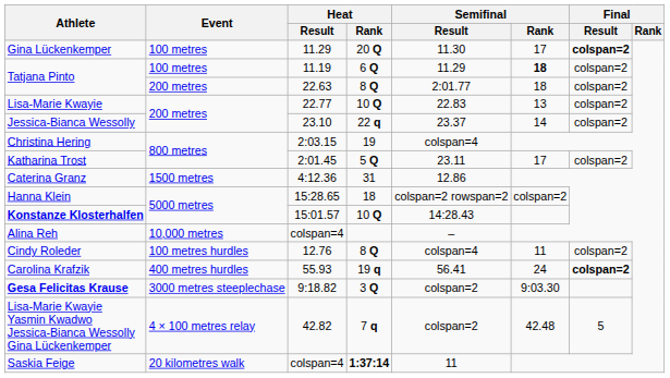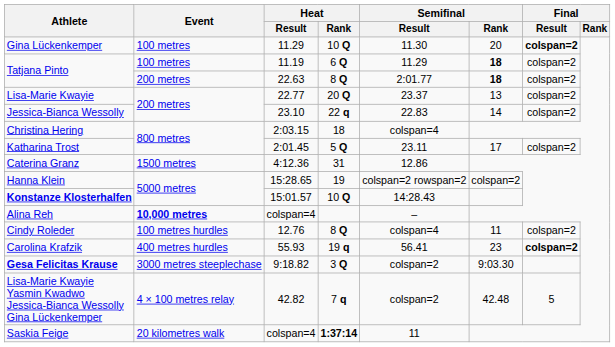 <table class=wikitable style=font-size:90%>
 <tr>
 <th rowspan=2>Athlete</th>
 <th rowspan=2>Event</th>
 <th colspan=2>Heat</th>
 <th colspan=2>Semifinal</th>
 <th colspan=2>Final</th>
 </tr>
 <tr style=font-size:95%>
 <th>Result</th>
 <th>Rank</th>
 <th>Result</th>
 <th>Rank</th>
 <th>Result</th>
 <th>Rank</th>
 </tr>
 <tr align=center>
 <td align=left><a href='#'>Gina Lückenkemper</a></td>
 <td align=left><a href='#'>100 metres</a></td>
 <td>11.29</td>
-<td>20 <strong>Q</strong></td>
+<td>10 <strong>Q</strong></td>
 <td>11.30</td>
-<td>17</td>
+<td>20</td>
 <td><strong>colspan=2 </strong></td>
 </tr>
 <tr align=center>
 <td align=left rowspan=2><a href='#'>Tatjana Pinto</a></td>
 <td align=left><a href='#'>100 metres</a></td>
 <td>11.19</td>
 <td>6 <strong>Q</strong></td>
 <td>11.29</td>
 <td><strong>18</strong></td>
 <td>colspan=2 </td>
 </tr>
 <tr align=center>
 <td align=left><a href='#'>200 metres</a></td>
 <td>22.63 </td>
 <td>8 <strong>Q</strong></td>
 <td>2:01.77</td>
-<td>18</td>
+<td><strong>18</strong></td>
 <td>colspan=2 </td>
 </tr>
 <tr align=center>
 <td align=left><a href='#'>Lisa-Marie Kwayie</a></td>
 <td align=left rowspan=2><a href='#'>200 metres</a></td>
 <td>22.77 </td>
-<td>10 <strong>Q</strong></td>
-<td>22.83</td>
+<td>20 <strong>Q</strong></td>
+<td>23.37</td>
 <td>13</td>
 <td>colspan=2 </td>
 </tr>
 <tr align=center>
 <td align=left><a href='#'>Jessica-Bianca Wessolly</a></td>
 <td>23.10</td>
 <td>22 <strong>q</strong></td>
-<td>23.37</td>
+<td>22.83</td>
 <td>14</td>
 <td>colspan=2 </td>
 </tr>
 <tr align=center>
 <td align=left><a href='#'>Christina Hering</a></td>
 <td align=left rowspan=2><a href='#'>800 metres</a></td>
 <td>2:03.15</td>
-<td>19</td>
+<td>18</td>
 <td>colspan=4 </td>
 </tr>
 <tr align=center>
 <td align=left><a href='#'>Katharina Trost</a></td>
 <td>2:01.45</td>
 <td>5 <strong>Q</strong></td>
 <td>23.11</td>
 <td>17</td>
 <td>colspan=2 </td>
 </tr>
 <tr align=center>
 <td align=left><a href='#'>Caterina Granz</a></td>
 <td align=left><a href='#'>1500 metres</a></td>
 <td>4:12.36</td>
 <td>31</td>
 <td>12.86</td>
 </tr>
 <tr align=center>
 <td align=left><a href='#'>Hanna Klein</a></td>
 <td align=left rowspan=2><a href='#'>5000 metres</a></td>
 <td>15:28.65</td>
-<td>18</td>
+<td>19</td>
 <td>colspan=2 rowspan=2 </td>
 <td>colspan=2 </td>
 </tr>
 <tr align=center>
 <td align=left><strong><a href='#'>Konstanze Klosterhalfen</a></strong></td>
 <td>15:01.57</td>
 <td>10 <strong>Q</strong></td>
 <td>14:28.43</td>
 <td></td>
 </tr>
 <tr align=center>
 <td align=left><a href='#'>Alina Reh</a></td>
-<td align=left><a href='#'>10,000 metres</a></td>
+<td align=left><strong><a href='#'>10,000 metres</a></strong></td>
 <td>colspan=4 </td>
 <td></td>
 <td>–</td>
 </tr>
 <tr align=center>
 <td align=left><a href='#'>Cindy Roleder</a></td>
 <td align=left><a href='#'>100 metres hurdles</a></td>
 <td>12.76 </td>
 <td>8 <strong>Q</strong></td>
 <td>colspan=4 </td>
 <td>11</td>
 <td>colspan=2 </td>
 </tr>
 <tr align=center>
 <td align=left><a href='#'>Carolina Krafzik</a></td>
 <td align=left><a href='#'>400 metres hurdles</a></td>
 <td>55.93</td>
 <td>19 <strong>q</strong></td>
 <td>56.41</td>
-<td>24</td>
+<td>23</td>
 <td><strong>colspan=2 </strong></td>
 </tr>
 <tr align=center>
 <td align=left><strong><a href='#'>Gesa Felicitas Krause</a></strong></td>
 <td align=left><a href='#'>3000 metres steeplechase</a></td>
 <td>9:18.82</td>
 <td>3 <strong>Q</strong></td>
 <td>colspan=2 </td>
 <td>9:03.30 <strong></strong></td>
 <td></td>
 </tr>
 <tr align=center>
 <td align=left><a href='#'>Lisa-Marie Kwayie</a><br><a href='#'>Yasmin Kwadwo</a><br><a href='#'>Jessica-Bianca Wessolly</a><br><a href='#'>Gina Lückenkemper</a></td>
 <td align=left><a href='#'>4 × 100 metres relay</a></td>
 <td>42.82</td>
 <td>7 <strong>q</strong></td>
 <td>colspan=2 </td>
 <td>42.48</td>
 <td>5</td>
 </tr>
 <tr align=center>
 <td align=left><a href='#'>Saskia Feige</a></td>
 <td align=left><a href='#'>20 kilometres walk</a></td>
 <td>colspan=4 </td>
 <td><strong>1:37:14</strong></td>
 <td>11</td>
 </tr>
 </table>
